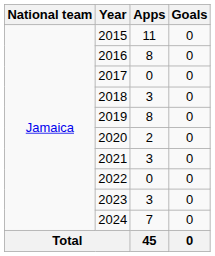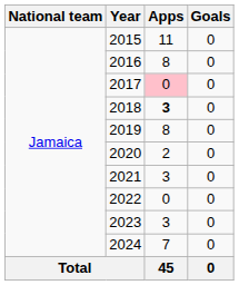 <table class="wikitable" style="font-size:100%; text-align: center">
 <tr>
 <th>National team</th>
 <th>Year</th>
 <th>Apps</th>
 <th>Goals</th>
 </tr>
 <tr>
 <td rowspan="10"><a href='#'>Jamaica</a></td>
 <td>2015</td>
 <td>11</td>
 <td>0</td>
 </tr>
 <tr>
 <td>2016</td>
 <td>8</td>
 <td>0</td>
 </tr>
 <tr>
 <td>2017</td>
-<td>0</td>
+<td style="background: pink;">0</td>
 <td>0</td>
 </tr>
 <tr>
 <td>2018</td>
-<td>3</td>
+<td><strong>3</strong></td>
 <td>0</td>
 </tr>
 <tr>
 <td>2019</td>
 <td>8</td>
 <td>0</td>
 </tr>
 <tr>
 <td>2020</td>
 <td>2</td>
 <td>0</td>
 </tr>
 <tr>
 <td>2021</td>
 <td>3</td>
 <td>0</td>
 </tr>
 <tr>
 <td>2022</td>
 <td>0</td>
 <td>0</td>
 </tr>
 <tr>
 <td>2023</td>
 <td>3</td>
 <td>0</td>
 </tr>
 <tr>
 <td>2024</td>
 <td>7</td>
 <td>0</td>
 </tr>
 <tr>
 <th colspan=2>Total</th>
 <th>45</th>
 <th>0</th>
 </tr>
 </table>
